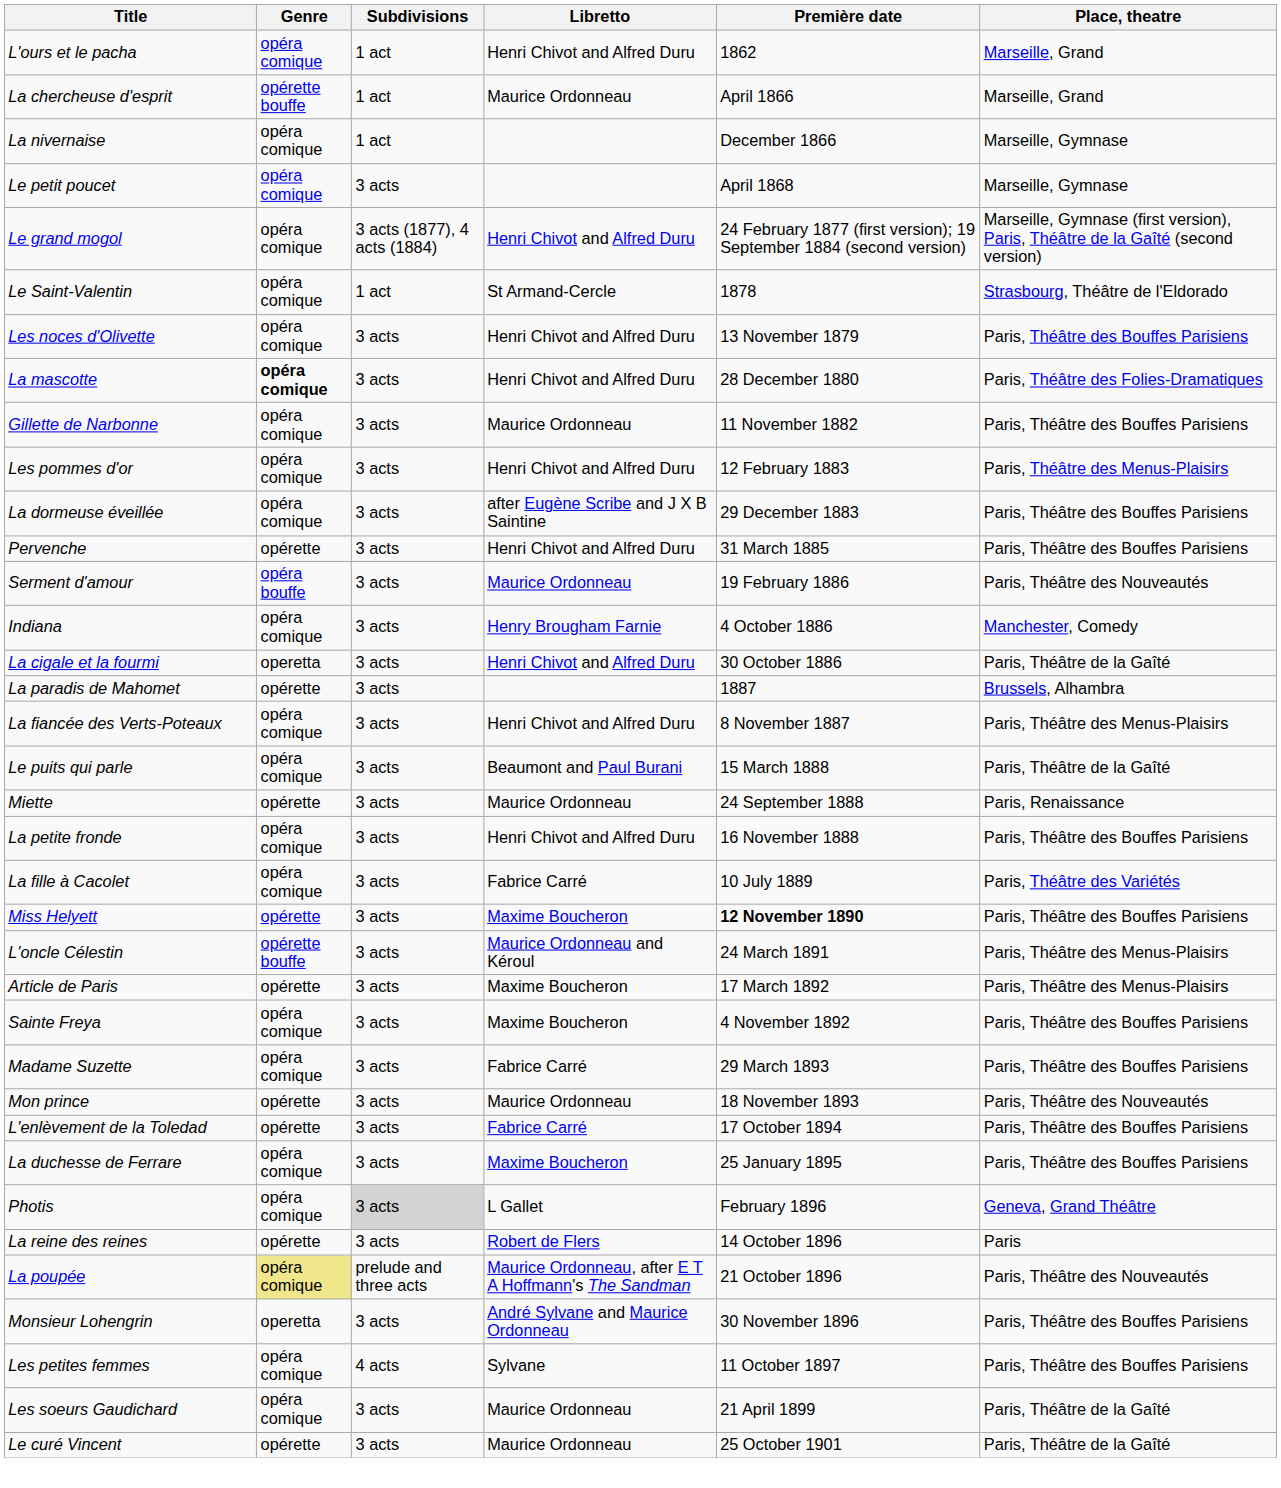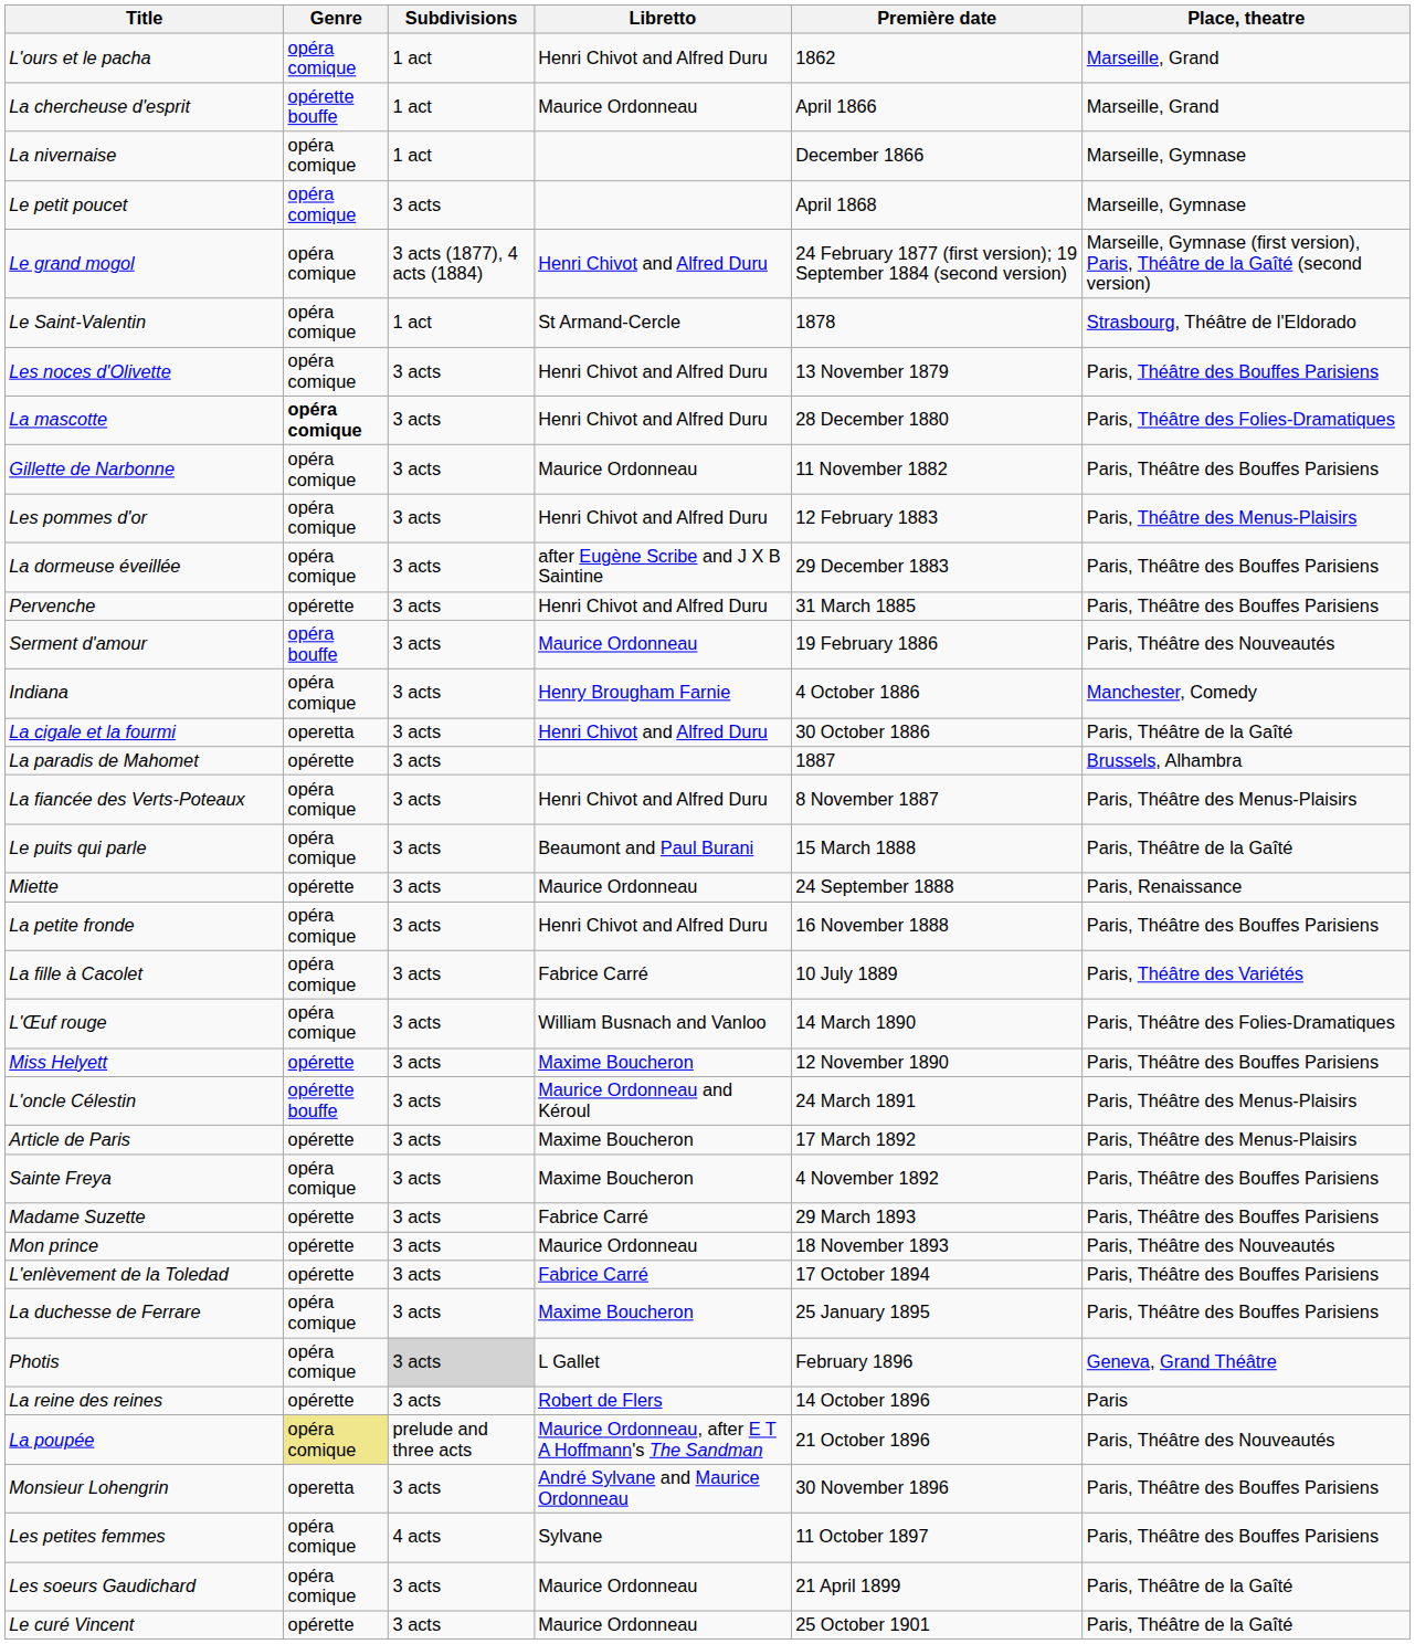 <table class="wikitable sortable">
 <tr>
 <th scope="col" style="width:15em;">Title</th>
 <th>Genre</th>
 <th>Sub­divisions</th>
 <th>Libretto</th>
 <th>Première date</th>
 <th>Place, theatre</th>
 </tr>
 <tr>
 <td><em>L'ours et le pacha</em></td>
 <td><a href='#'>opéra comique</a></td>
 <td>1 act</td>
 <td>Henri Chivot and Alfred Duru</td>
 <td>1862</td>
 <td><a href='#'>Marseille</a>, Grand</td>
 </tr>
 <tr>
 <td><em>La chercheuse d'esprit</em></td>
 <td><a href='#'>opérette bouffe</a></td>
 <td>1 act </td>
 <td>Maurice Ordonneau</td>
 <td>April 1866</td>
 <td>Marseille, Grand</td>
 </tr>
 <tr>
 <td><em>La nivernaise</em></td>
 <td>opéra comique</td>
 <td>1 act</td>
 <td></td>
 <td>December 1866</td>
 <td>Marseille, Gymnase</td>
 </tr>
 <tr>
 <td><em>Le petit poucet</em></td>
 <td><a href='#'>opéra comique</a></td>
 <td>3 acts</td>
 <td></td>
 <td>April 1868</td>
 <td>Marseille, Gymnase</td>
 </tr>
 <tr>
 <td><em><a href='#'>Le grand mogol</a></em></td>
 <td>opéra comique</td>
 <td>3 acts (1877), 4 acts (1884)</td>
 <td><a href='#'>Henri Chivot</a> and <a href='#'>Alfred Duru</a></td>
 <td>24 February 1877 (first version); 19 September 1884 (second version)</td>
 <td>Marseille, Gymnase (first version), <a href='#'>Paris</a>, <a href='#'>Théâtre de la Gaîté</a> (second version)</td>
 </tr>
 <tr>
 <td><em>Le Saint-Valentin</em></td>
 <td>opéra comique</td>
 <td>1 act</td>
 <td>St Armand-Cercle</td>
 <td>1878</td>
 <td><a href='#'>Strasbourg</a>, Théâtre de l'Eldorado</td>
 </tr>
 <tr>
 <td><em><a href='#'>Les noces d'Olivette</a></em></td>
 <td>opéra comique</td>
 <td>3 acts</td>
 <td>Henri Chivot and Alfred Duru</td>
 <td>13 November 1879</td>
 <td>Paris, <a href='#'>Théâtre des Bouffes Parisiens</a></td>
 </tr>
 <tr>
 <td><em><a href='#'>La mascotte</a></em></td>
 <td><strong>opéra comique</strong></td>
 <td>3 acts</td>
 <td>Henri Chivot and Alfred Duru</td>
 <td>28 December 1880</td>
 <td>Paris, <a href='#'>Théâtre des Folies-Dramatiques</a></td>
 </tr>
 <tr>
 <td><em><a href='#'>Gillette de Narbonne</a></em></td>
 <td>opéra comique</td>
 <td>3 acts</td>
 <td>Maurice Ordonneau</td>
 <td>11 November 1882</td>
 <td>Paris, Théâtre des Bouffes Parisiens</td>
 </tr>
 <tr>
 <td><em>Les pommes d'or</em></td>
 <td>opéra comique</td>
 <td>3 acts</td>
 <td>Henri Chivot and Alfred Duru</td>
 <td>12 February 1883</td>
 <td>Paris, <a href='#'>Théâtre des Menus-Plaisirs</a></td>
 </tr>
 <tr>
 <td><em>La dormeuse éveillée</em></td>
 <td>opéra comique</td>
 <td>3 acts</td>
 <td> after <a href='#'>Eugène Scribe</a> and J X B Saintine</td>
 <td>29 December 1883</td>
 <td>Paris, Théâtre des Bouffes Parisiens</td>
 </tr>
 <tr>
 <td><em>Pervenche</em></td>
 <td>opérette</td>
 <td>3 acts</td>
 <td>Henri Chivot and Alfred Duru</td>
 <td>31 March 1885</td>
 <td>Paris, Théâtre des Bouffes Parisiens</td>
 </tr>
 <tr>
 <td><em>Serment d'amour</em></td>
 <td><a href='#'>opéra bouffe</a></td>
 <td>3 acts</td>
 <td><a href='#'>Maurice Ordonneau</a></td>
 <td>19 February 1886</td>
 <td>Paris, Théâtre des Nouveautés</td>
 </tr>
 <tr>
 <td><em>Indiana</em></td>
 <td>opéra comique</td>
 <td>3 acts</td>
 <td><a href='#'>Henry Brougham Farnie</a></td>
 <td>4 October 1886</td>
 <td><a href='#'>Manchester</a>, Comedy</td>
 </tr>
 <tr>
 <td><em><a href='#'>La cigale et la fourmi</a></em></td>
 <td>operetta</td>
 <td>3 acts</td>
 <td><a href='#'>Henri Chivot</a> and <a href='#'>Alfred Duru</a></td>
 <td>30 October 1886</td>
 <td>Paris, Théâtre de la Gaîté</td>
 </tr>
 <tr>
 <td><em>La paradis de Mahomet</em></td>
 <td>opérette</td>
 <td>3 acts</td>
 <td></td>
 <td>1887</td>
 <td><a href='#'>Brussels</a>, Alhambra</td>
 </tr>
 <tr>
 <td><em>La fiancée des Verts-Poteaux</em></td>
 <td>opéra comique</td>
 <td>3 acts</td>
 <td>Henri Chivot and Alfred Duru</td>
 <td>8 November 1887</td>
 <td>Paris, Théâtre des Menus-Plaisirs</td>
 </tr>
 <tr>
 <td><em>Le puits qui parle</em></td>
 <td>opéra comique</td>
 <td>3 acts</td>
 <td>Beaumont and <a href='#'>Paul Burani</a></td>
 <td>15 March 1888</td>
 <td>Paris, Théâtre de la Gaîté</td>
 </tr>
 <tr>
 <td><em>Miette</em></td>
 <td>opérette</td>
 <td>3 acts</td>
 <td>Maurice Ordonneau</td>
 <td>24 September 1888</td>
 <td>Paris, Renaissance</td>
 </tr>
 <tr>
 <td><em>La petite fronde</em></td>
 <td>opéra comique</td>
 <td>3 acts</td>
 <td>Henri Chivot and Alfred Duru</td>
 <td>16 November 1888</td>
 <td>Paris, Théâtre des Bouffes Parisiens</td>
 </tr>
 <tr>
 <td><em>La fille à Cacolet</em></td>
 <td>opéra comique</td>
 <td>3 acts</td>
 <td>Fabrice Carré</td>
 <td>10 July 1889</td>
 <td>Paris, <a href='#'>Théâtre des Variétés</a></td>
 </tr>
 <tr>
+<td><em>L'Œuf rouge</em></td>
+<td>opéra comique</td>
+<td>3 acts</td>
+<td>William Busnach and Vanloo</td>
+<td>14 March 1890</td>
+<td>Paris, Théâtre des Folies-Dramatiques</td>
+</tr>
+<tr>
 <td><em><a href='#'>Miss Helyett</a></em></td>
 <td><a href='#'>opérette</a></td>
 <td>3 acts</td>
 <td><a href='#'>Maxime Boucheron</a></td>
-<td><strong>12 November 1890</strong></td>
+<td>12 November 1890</td>
 <td>Paris, Théâtre des Bouffes Parisiens</td>
 </tr>
 <tr>
 <td><em>L'oncle Célestin</em></td>
 <td><a href='#'>opérette bouffe</a></td>
 <td>3 acts</td>
 <td><a href='#'>Maurice Ordonneau</a> and Kéroul</td>
 <td>24 March 1891</td>
 <td>Paris, Théâtre des Menus-Plaisirs</td>
 </tr>
 <tr>
 <td><em>Article de Paris</em></td>
 <td>opérette</td>
 <td>3 acts</td>
 <td>Maxime Boucheron</td>
 <td>17 March 1892</td>
 <td>Paris, Théâtre des Menus-Plaisirs</td>
 </tr>
 <tr>
 <td><em>Sainte Freya</em></td>
 <td>opéra comique</td>
 <td>3 acts</td>
 <td>Maxime Boucheron</td>
 <td>4 November 1892</td>
 <td>Paris, Théâtre des Bouffes Parisiens</td>
 </tr>
 <tr>
 <td><em>Madame Suzette</em></td>
-<td>opéra comique</td>
+<td>opérette</td>
 <td>3 acts</td>
 <td>Fabrice Carré</td>
 <td>29 March 1893</td>
 <td>Paris, Théâtre des Bouffes Parisiens</td>
 </tr>
 <tr>
 <td><em>Mon prince</em></td>
 <td>opérette</td>
 <td>3 acts</td>
 <td>Maurice Ordonneau</td>
 <td>18 November 1893</td>
 <td>Paris, Théâtre des Nouveautés</td>
 </tr>
 <tr>
 <td><em>L'enlèvement de la Toledad</em></td>
 <td>opérette</td>
 <td>3 acts</td>
 <td><a href='#'>Fabrice Carré</a></td>
 <td>17 October 1894</td>
 <td>Paris, Théâtre des Bouffes Parisiens</td>
 </tr>
 <tr>
 <td><em>La duchesse de Ferrare</em></td>
 <td>opéra comique</td>
 <td>3 acts</td>
 <td><a href='#'>Maxime Boucheron</a></td>
 <td>25 January 1895</td>
 <td>Paris, Théâtre des Bouffes Parisiens</td>
 </tr>
 <tr>
 <td><em>Photis</em></td>
 <td>opéra comique</td>
 <td style="background: lightgrey;">3 acts</td>
 <td>L Gallet</td>
 <td>February 1896</td>
 <td><a href='#'>Geneva</a>, <a href='#'>Grand Théâtre</a></td>
 </tr>
 <tr>
 <td><em>La reine des reines</em></td>
 <td>opérette</td>
 <td>3 acts</td>
 <td><a href='#'>Robert de Flers</a></td>
 <td>14 October 1896</td>
 <td>Paris</td>
 </tr>
 <tr>
 <td><em><a href='#'>La poupée</a></em></td>
 <td style="background: khaki;">opéra comique</td>
 <td>prelude and three acts</td>
 <td><a href='#'>Maurice Ordonneau</a>, after <a href='#'>E T A Hoffmann</a>'s <em><a href='#'>The Sandman</a></em></td>
 <td>21 October 1896</td>
 <td>Paris, Théâtre des Nouveautés</td>
 </tr>
 <tr>
 <td><em>Monsieur Lohengrin</em></td>
 <td>operetta</td>
 <td>3 acts</td>
 <td><a href='#'>André Sylvane</a> and <a href='#'>Maurice Ordonneau</a></td>
 <td>30 November 1896</td>
 <td>Paris, Théâtre des Bouffes Parisiens</td>
 </tr>
 <tr>
 <td><em>Les petites femmes</em></td>
 <td>opéra comique</td>
 <td>4 acts</td>
 <td>Sylvane</td>
 <td>11 October 1897</td>
 <td>Paris, Théâtre des Bouffes Parisiens</td>
 </tr>
 <tr>
 <td><em>Les soeurs Gaudichard</em></td>
 <td>opéra comique</td>
 <td>3 acts</td>
 <td>Maurice Ordonneau</td>
 <td>21 April 1899</td>
 <td>Paris, Théâtre de la Gaîté</td>
 </tr>
 <tr>
 <td><em>Le curé Vincent</em></td>
 <td>opérette</td>
 <td>3 acts</td>
 <td>Maurice Ordonneau</td>
 <td>25 October 1901</td>
 <td>Paris, Théâtre de la Gaîté</td>
 </tr>
 </table>
